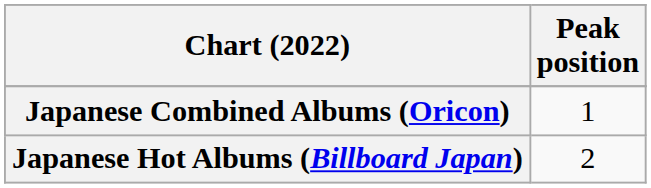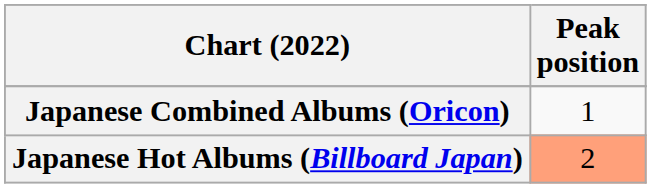 <table class="wikitable sortable plainrowheaders" style="text-align:center">
 <tr>
 <th scope="col">Chart (2022)</th>
 <th scope="col">Peak<br>position</th>
 </tr>
 <tr>
 </tr>
 <tr>
 <th scope="row">Japanese Combined Albums (<a href='#'>Oricon</a>)</th>
 <td>1</td>
 </tr>
 <tr>
 <th scope="row">Japanese Hot Albums (<em><a href='#'>Billboard Japan</a></em>)</th>
-<td>2</td>
+<td style="background: lightsalmon;">2</td>
 </tr>
 </table>
